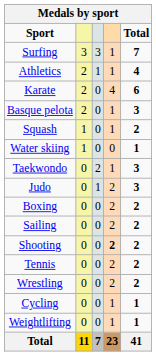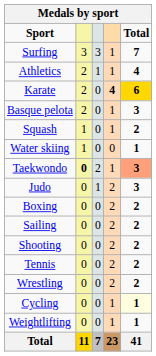 <table class=wikitable style="font-size:85%; float:right;text-align:center">
 <tr bgcolor=EFEFEF>
 <th colspan=7><strong>Medals by sport</strong></th>
 </tr>
 <tr>
 <td><strong>Sport</strong></td>
 <td bgcolor=F7F6A8></td>
 <td bgcolor=DCE5E5></td>
 <td bgcolor=FFDBA9></td>
 <td><strong>Total</strong></td>
 </tr>
 <tr>
 <td><a href='#'>Surfing</a></td>
 <td bgcolor=F7F6A8>3</td>
 <td bgcolor=DCE5E5>3</td>
 <td bgcolor=FFDAB9>1</td>
 <td><strong>7</strong></td>
 </tr>
 <tr>
 <td><a href='#'>Athletics</a></td>
 <td bgcolor=F7F6A8>2</td>
 <td bgcolor=DCE5E5>1</td>
 <td bgcolor=FFDAB9>1</td>
 <td><strong>4</strong></td>
 </tr>
 <tr>
 <td><a href='#'>Karate</a></td>
 <td bgcolor=F7F6A8>2</td>
 <td bgcolor=DCE5E5>0</td>
-<td bgcolor=FFDAB9>4</td>
-<td><strong>6</strong></td>
+<td bgcolor=FFDAB9><strong>4</strong></td>
+<td style="background: gold;"><strong>6</strong></td>
 </tr>
 <tr>
 <td><a href='#'>Basque pelota</a></td>
 <td bgcolor=F7F6A8>2</td>
 <td bgcolor=DCE5E5>0</td>
 <td bgcolor=FFDAB9>1</td>
 <td><strong>3</strong></td>
 </tr>
 <tr>
 <td><a href='#'>Squash</a></td>
 <td bgcolor=F7F6A8>1</td>
 <td bgcolor=DCE5E5>0</td>
 <td bgcolor=FFDAB9>1</td>
 <td><strong>2</strong></td>
 </tr>
 <tr>
 <td><a href='#'>Water skiing</a></td>
 <td bgcolor=F7F6A8>1</td>
 <td bgcolor=DCE5E5>0</td>
 <td bgcolor=FFDAB9>0</td>
 <td><strong>1</strong></td>
 </tr>
 <tr>
 <td><a href='#'>Taekwondo</a></td>
-<td bgcolor=F7F6A8>0</td>
+<td bgcolor=F7F6A8><strong>0</strong></td>
 <td bgcolor=DCE5E5>2</td>
 <td bgcolor=FFDAB9>1</td>
-<td><strong>3</strong></td>
+<td style="background: lightsalmon;"><strong>3</strong></td>
 </tr>
 <tr>
 <td><a href='#'>Judo</a></td>
 <td bgcolor=F7F6A8>0</td>
 <td bgcolor=DCE5E5>1</td>
 <td bgcolor=FFDAB9>2</td>
 <td><strong>3</strong></td>
 </tr>
 <tr>
 <td><a href='#'>Boxing</a></td>
 <td bgcolor=F7F6A8>0</td>
 <td bgcolor=DCE5E5>0</td>
 <td bgcolor=FFDAB9>2</td>
 <td><strong>2</strong></td>
 </tr>
 <tr>
 <td><a href='#'>Sailing</a></td>
 <td bgcolor=F7F6A8>0</td>
 <td bgcolor=DCE5E5>0</td>
 <td bgcolor=FFDAB9>2</td>
 <td><strong>2</strong></td>
 </tr>
 <tr>
 <td><a href='#'>Shooting</a></td>
 <td bgcolor=F7F6A8>0</td>
 <td bgcolor=DCE5E5>0</td>
-<td bgcolor=FFDAB9><strong>2</strong></td>
+<td bgcolor=FFDAB9>2</td>
 <td><strong>2</strong></td>
 </tr>
 <tr>
 <td><a href='#'>Tennis</a></td>
 <td bgcolor=F7F6A8>0</td>
 <td bgcolor=DCE5E5>0</td>
 <td bgcolor=FFDAB9>2</td>
 <td><strong>2</strong></td>
 </tr>
 <tr>
 <td><a href='#'>Wrestling</a></td>
 <td bgcolor=F7F6A8>0</td>
 <td bgcolor=DCE5E5>0</td>
 <td bgcolor=FFDAB9>2</td>
 <td><strong>2</strong></td>
 </tr>
 <tr>
 <td><a href='#'>Cycling</a></td>
 <td bgcolor=F7F6A8>0</td>
 <td bgcolor=DCE5E5>0</td>
 <td bgcolor=FFDAB9>1</td>
-<td><strong>1</strong></td>
+<td style="background: lightyellow;"><strong>1</strong></td>
 </tr>
 <tr>
 <td><a href='#'>Weightlifting</a></td>
 <td bgcolor=F7F6A8>0</td>
 <td bgcolor=DCE5E5>0</td>
 <td bgcolor=FFDAB9>1</td>
 <td><strong>1</strong></td>
 </tr>
 <tr>
 <th><strong>Total</strong></th>
 <th style=background:gold><strong>11</strong></th>
 <th style=background:silver><strong>7</strong></th>
 <th style=background:#C96><strong>23</strong></th>
 <th><strong>41</strong></th>
 </tr>
 </table>
